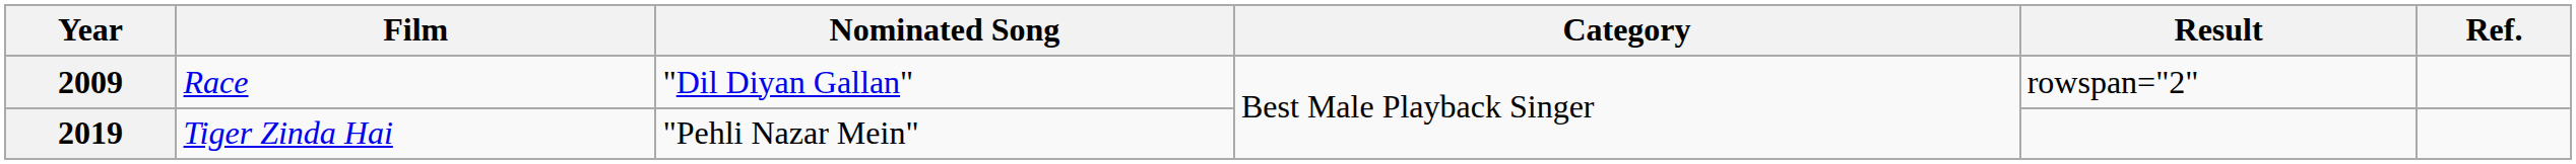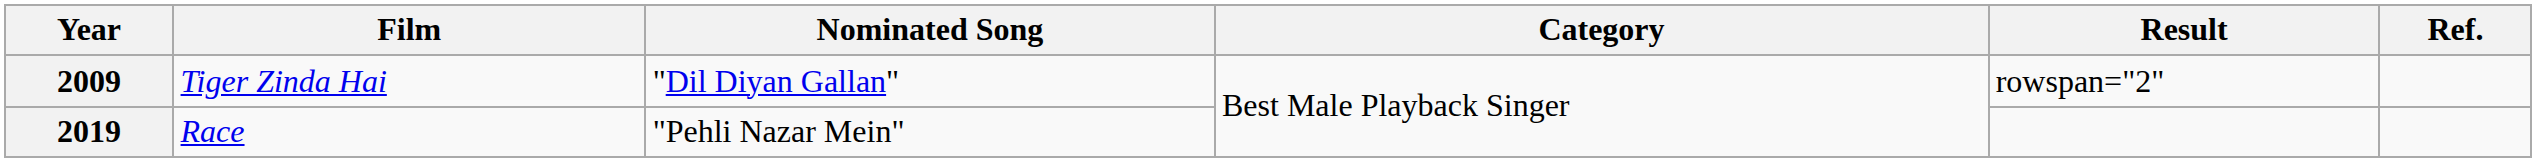 <table class="wikitable plainrowheaders" width="100%" "textcolor:#000;">
 <tr>
 <th>Year</th>
 <th>Film</th>
 <th>Nominated Song</th>
 <th>Category</th>
 <th>Result</th>
 <th>Ref.</th>
 </tr>
 <tr>
 <th>2009</th>
-<td><em><a href='#'>Race</a></em></td>
+<td><em><a href='#'>Tiger Zinda Hai</a></em></td>
 <td>"<a href='#'>Dil Diyan Gallan</a>"</td>
 <td rowspan="2">Best Male Playback Singer</td>
 <td>rowspan="2" </td>
 <td></td>
 </tr>
 <tr>
 <th>2019</th>
-<td><em><a href='#'>Tiger Zinda Hai</a></em></td>
+<td><em><a href='#'>Race</a></em></td>
 <td>"Pehli Nazar Mein"</td>
 <td></td>
 </tr>
 </table>
